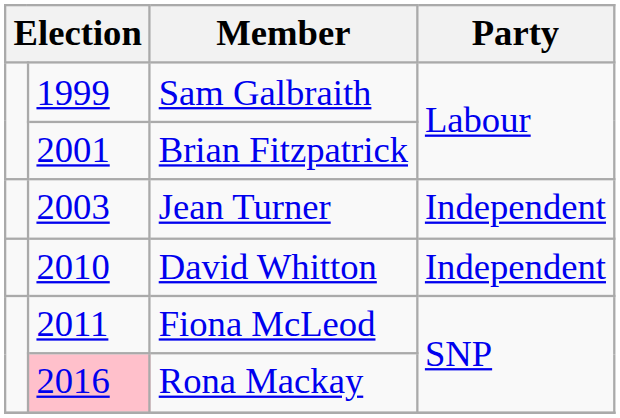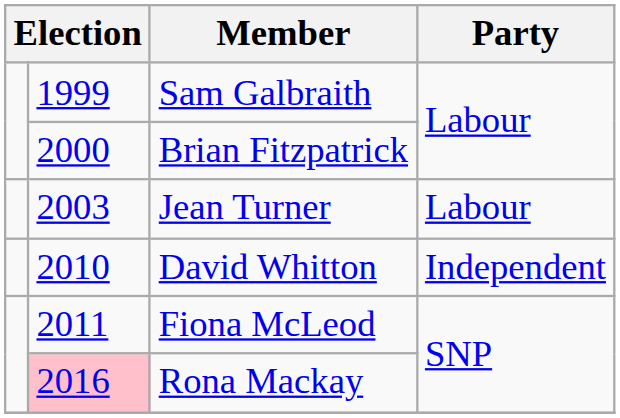 <table class="wikitable">
 <tr>
 <th colspan="2">Election</th>
 <th>Member</th>
 <th>Party</th>
 </tr>
 <tr>
 <td rowspan=2 style="background-color: "></td>
 <td><a href='#'>1999</a></td>
 <td><a href='#'>Sam Galbraith</a></td>
 <td rowspan=2><a href='#'>Labour</a></td>
 </tr>
 <tr>
-<td><a href='#'>2001</a></td>
+<td><a href='#'>2000</a></td>
 <td><a href='#'>Brian Fitzpatrick</a></td>
 </tr>
 <tr>
 <td style="background-color: "></td>
 <td><a href='#'>2003</a></td>
 <td><a href='#'>Jean Turner</a></td>
-<td><a href='#'>Independent</a></td>
+<td><a href='#'>Labour</a></td>
 </tr>
 <tr>
 <td style="background-color: "></td>
 <td><a href='#'>2010</a></td>
 <td><a href='#'>David Whitton</a></td>
 <td><a href='#'>Independent</a></td>
 </tr>
 <tr>
 <td rowspan=2 style="background-color: "></td>
 <td><a href='#'>2011</a></td>
 <td><a href='#'>Fiona McLeod</a></td>
 <td rowspan="2"><a href='#'>SNP</a></td>
 </tr>
 <tr>
 <td style="background: pink;"><a href='#'>2016</a></td>
 <td><a href='#'>Rona Mackay</a></td>
 </tr>
 <tr>
 </tr>
 </table>
